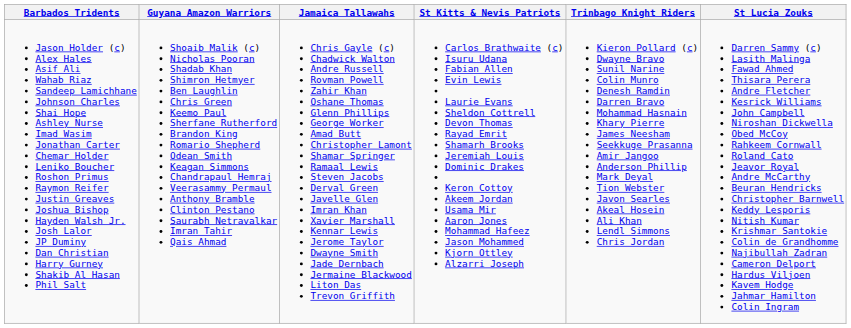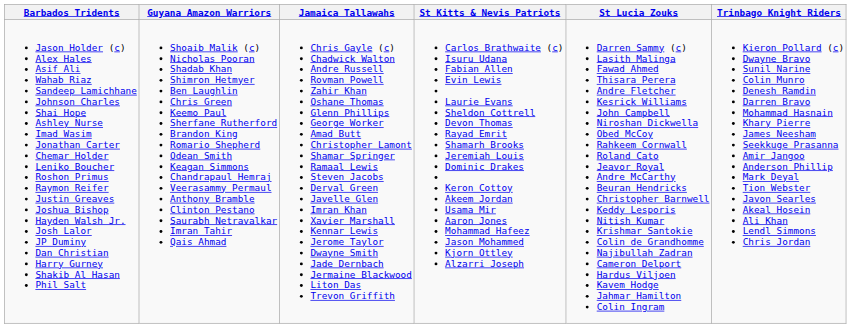 <table class="wikitable">
 <tr>
 <th><a href='#'>Barbados Tridents</a></th>
 <th><a href='#'>Guyana Amazon Warriors</a></th>
 <th><a href='#'>Jamaica Tallawahs</a></th>
 <th><a href='#'>St Kitts & Nevis Patriots</a></th>
+<th><a href='#'>St Lucia Zouks</a></th>
 <th><a href='#'>Trinbago Knight Riders</a></th>
-<th><a href='#'>St Lucia Zouks</a></th>
 </tr>
 <tr style="vertical-align:top">
 <td><br><ul><li><a href='#'>Jason Holder</a> (<a href='#'>c</a>)</li><li><a href='#'>Alex Hales</a></li><li><a href='#'>Asif Ali</a></li><li><a href='#'>Wahab Riaz</a></li><li><a href='#'>Sandeep Lamichhane</a></li><li><a href='#'>Johnson Charles</a></li><li><a href='#'>Shai Hope</a></li><li><a href='#'>Ashley Nurse</a></li><li><a href='#'>Imad Wasim</a></li><li><a href='#'>Jonathan Carter</a></li><li><a href='#'>Chemar Holder</a></li><li><a href='#'>Leniko Boucher</a></li><li><a href='#'>Roshon Primus</a></li><li><a href='#'>Raymon Reifer</a></li><li><a href='#'>Justin Greaves</a></li><li><a href='#'>Joshua Bishop</a></li><li><a href='#'>Hayden Walsh Jr.</a></li><li><a href='#'>Josh Lalor</a></li><li><a href='#'>JP Duminy</a></li><li><a href='#'>Dan Christian</a></li><li><a href='#'>Harry Gurney</a></li><li><a href='#'>Shakib Al Hasan</a></li><li><a href='#'>Phil Salt</a></li></ul></td>
 <td><br><ul><li><a href='#'>Shoaib Malik</a> (<a href='#'>c</a>)</li><li><a href='#'>Nicholas Pooran</a></li><li><a href='#'>Shadab Khan</a></li><li><a href='#'>Shimron Hetmyer</a></li><li><a href='#'>Ben Laughlin</a></li><li><a href='#'>Chris Green</a></li><li><a href='#'>Keemo Paul</a></li><li><a href='#'>Sherfane Rutherford</a></li><li><a href='#'>Brandon King</a></li><li><a href='#'>Romario Shepherd</a></li><li><a href='#'>Odean Smith</a></li><li><a href='#'>Keagan Simmons</a></li><li><a href='#'>Chandrapaul Hemraj</a></li><li><a href='#'>Veerasammy Permaul</a></li><li><a href='#'>Anthony Bramble</a></li><li><a href='#'>Clinton Pestano</a></li><li><a href='#'>Saurabh Netravalkar</a></li><li><a href='#'>Imran Tahir</a></li><li><a href='#'>Qais Ahmad</a></li></ul></td>
 <td><br><ul><li><a href='#'>Chris Gayle</a> (<a href='#'>c</a>)</li><li><a href='#'>Chadwick Walton</a></li><li><a href='#'>Andre Russell</a></li><li><a href='#'>Rovman Powell</a></li><li><a href='#'>Zahir Khan</a></li><li><a href='#'>Oshane Thomas</a></li><li><a href='#'>Glenn Phillips</a></li><li><a href='#'>George Worker</a></li><li><a href='#'>Amad Butt</a></li><li><a href='#'>Christopher Lamont</a></li><li><a href='#'>Shamar Springer</a></li><li><a href='#'>Ramaal Lewis</a></li><li><a href='#'>Steven Jacobs</a></li><li><a href='#'>Derval Green</a></li><li><a href='#'>Javelle Glen</a></li><li><a href='#'>Imran Khan</a></li><li><a href='#'>Xavier Marshall</a></li><li><a href='#'>Kennar Lewis</a></li><li><a href='#'>Jerome Taylor</a></li><li><a href='#'>Dwayne Smith</a></li><li><a href='#'>Jade Dernbach</a></li><li><a href='#'>Jermaine Blackwood</a></li><li><a href='#'>Liton Das</a></li><li><a href='#'>Trevon Griffith</a></li></ul></td>
 <td><br><ul><li><a href='#'>Carlos Brathwaite</a> (<a href='#'>c</a>)</li><li><a href='#'>Isuru Udana</a></li><li><a href='#'>Fabian Allen</a></li><li><a href='#'>Evin Lewis</a></li><li></li><li><a href='#'>Laurie Evans</a></li><li><a href='#'>Sheldon Cottrell</a></li><li><a href='#'>Devon Thomas</a></li><li><a href='#'>Rayad Emrit</a></li><li><a href='#'>Shamarh Brooks</a></li><li><a href='#'>Jeremiah Louis</a></li><li><a href='#'>Dominic Drakes</a></li><li></li><li><a href='#'>Keron Cottoy</a></li><li><a href='#'>Akeem Jordan</a></li><li><a href='#'>Usama Mir</a></li><li><a href='#'>Aaron Jones</a></li><li><a href='#'>Mohammad Hafeez</a></li><li><a href='#'>Jason Mohammed</a></li><li><a href='#'>Kjorn Ottley</a></li><li><a href='#'>Alzarri Joseph</a></li></ul></td>
+<td><br><ul><li><a href='#'>Darren Sammy</a> (<a href='#'>c</a>)</li><li><a href='#'>Lasith Malinga</a></li><li><a href='#'>Fawad Ahmed</a></li><li><a href='#'>Thisara Perera</a></li><li><a href='#'>Andre Fletcher</a></li><li><a href='#'>Kesrick Williams</a></li><li><a href='#'>John Campbell</a></li><li><a href='#'>Niroshan Dickwella</a></li><li><a href='#'>Obed McCoy</a></li><li><a href='#'>Rahkeem Cornwall</a></li><li><a href='#'>Roland Cato</a></li><li><a href='#'>Jeavor Royal</a></li><li><a href='#'>Andre McCarthy</a></li><li><a href='#'>Beuran Hendricks</a></li><li><a href='#'>Christopher Barnwell</a></li><li><a href='#'>Keddy Lesporis</a></li><li><a href='#'>Nitish Kumar</a></li><li><a href='#'>Krishmar Santokie</a></li><li><a href='#'>Colin de Grandhomme</a></li><li><a href='#'>Najibullah Zadran</a></li><li><a href='#'>Cameron Delport</a></li><li><a href='#'>Hardus Viljoen</a></li><li><a href='#'>Kavem Hodge</a></li><li><a href='#'>Jahmar Hamilton</a></li><li><a href='#'>Colin Ingram</a></li></ul></td>
 <td><br><ul><li><a href='#'>Kieron Pollard</a> (<a href='#'>c</a>)</li><li><a href='#'>Dwayne Bravo</a></li><li><a href='#'>Sunil Narine</a></li><li><a href='#'>Colin Munro</a></li><li><a href='#'>Denesh Ramdin</a></li><li><a href='#'>Darren Bravo</a></li><li><a href='#'>Mohammad Hasnain</a></li><li><a href='#'>Khary Pierre</a></li><li><a href='#'>James Neesham</a></li><li><a href='#'>Seekkuge Prasanna</a></li><li><a href='#'>Amir Jangoo</a></li><li><a href='#'>Anderson Phillip</a></li><li><a href='#'>Mark Deyal</a></li><li><a href='#'>Tion Webster</a></li><li><a href='#'>Javon Searles</a></li><li><a href='#'>Akeal Hosein</a></li><li><a href='#'>Ali Khan</a></li><li><a href='#'>Lendl Simmons</a></li><li><a href='#'>Chris Jordan</a></li></ul></td>
-<td><br><ul><li><a href='#'>Darren Sammy</a> (<a href='#'>c</a>)</li><li><a href='#'>Lasith Malinga</a></li><li><a href='#'>Fawad Ahmed</a></li><li><a href='#'>Thisara Perera</a></li><li><a href='#'>Andre Fletcher</a></li><li><a href='#'>Kesrick Williams</a></li><li><a href='#'>John Campbell</a></li><li><a href='#'>Niroshan Dickwella</a></li><li><a href='#'>Obed McCoy</a></li><li><a href='#'>Rahkeem Cornwall</a></li><li><a href='#'>Roland Cato</a></li><li><a href='#'>Jeavor Royal</a></li><li><a href='#'>Andre McCarthy</a></li><li><a href='#'>Beuran Hendricks</a></li><li><a href='#'>Christopher Barnwell</a></li><li><a href='#'>Keddy Lesporis</a></li><li><a href='#'>Nitish Kumar</a></li><li><a href='#'>Krishmar Santokie</a></li><li><a href='#'>Colin de Grandhomme</a></li><li><a href='#'>Najibullah Zadran</a></li><li><a href='#'>Cameron Delport</a></li><li><a href='#'>Hardus Viljoen</a></li><li><a href='#'>Kavem Hodge</a></li><li><a href='#'>Jahmar Hamilton</a></li><li><a href='#'>Colin Ingram</a></li></ul></td>
 </tr>
 </table>
